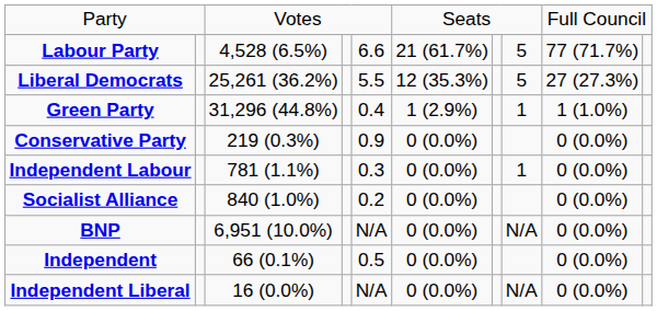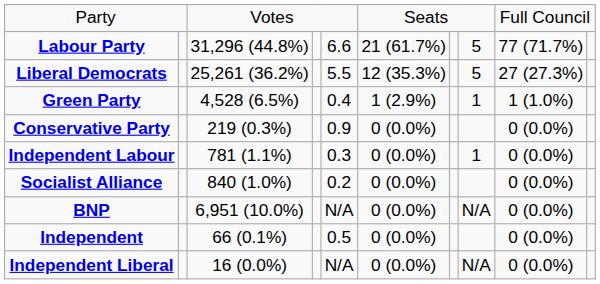 <table class=wikitable style="text-align:center;">
 <tr>
 <td colspan=2>Party</td>
 <td colspan=3>Votes</td>
 <td colspan=3>Seats</td>
 <td colspan=3>Full Council</td>
 </tr>
 <tr>
 <td><strong><a href='#'>Labour Party</a></strong></td>
 <td style="background:"></td>
-<td>4,528 (6.5%)</td>
+<td>31,296 (44.8%)</td>
 <td></td>
 <td> 6.6</td>
 <td>21 (61.7%)</td>
 <td></td>
 <td> 5</td>
 <td>77 (71.7%)</td>
 <td></td>
 </tr>
 <tr>
 <td><strong><a href='#'>Liberal Democrats</a></strong></td>
 <td style="background:"></td>
 <td>25,261 (36.2%)</td>
 <td></td>
 <td> 5.5</td>
 <td>12 (35.3%)</td>
 <td></td>
 <td> 5</td>
 <td>27 (27.3%)</td>
 <td></td>
 </tr>
 <tr>
 <td><strong><a href='#'>Green Party</a></strong></td>
 <td style="background:"></td>
-<td>31,296 (44.8%)</td>
+<td>4,528 (6.5%)</td>
 <td></td>
 <td> 0.4</td>
 <td>1 (2.9%)</td>
 <td></td>
 <td> 1</td>
 <td>1 (1.0%)</td>
 <td></td>
 </tr>
 <tr>
 <td><strong><a href='#'>Conservative Party</a></strong></td>
 <td style="background:"></td>
 <td>219 (0.3%)</td>
 <td></td>
 <td> 0.9</td>
 <td>0 (0.0%)</td>
 <td></td>
 <td></td>
 <td>0 (0.0%)</td>
 <td></td>
 </tr>
 <tr>
 <td><strong><a href='#'>Independent Labour</a></strong></td>
 <td style="background:"></td>
 <td>781 (1.1%)</td>
 <td></td>
 <td> 0.3</td>
 <td>0 (0.0%)</td>
 <td></td>
 <td> 1</td>
 <td>0 (0.0%)</td>
 <td></td>
 </tr>
 <tr>
 <td><strong><a href='#'>Socialist Alliance</a></strong></td>
 <td style="background:"></td>
 <td>840 (1.0%)</td>
 <td></td>
 <td> 0.2</td>
 <td>0 (0.0%)</td>
 <td></td>
 <td></td>
 <td>0 (0.0%)</td>
 <td></td>
 </tr>
 <tr>
 <td><strong><a href='#'>BNP</a></strong></td>
 <td style="background:"></td>
 <td>6,951 (10.0%)</td>
 <td></td>
 <td>N/A</td>
 <td>0 (0.0%)</td>
 <td></td>
 <td>N/A</td>
 <td>0 (0.0%)</td>
 <td></td>
 </tr>
 <tr>
 <td><strong><a href='#'>Independent</a></strong></td>
 <td style="background:"></td>
 <td>66 (0.1%)</td>
 <td></td>
 <td> 0.5</td>
 <td>0 (0.0%)</td>
 <td></td>
 <td></td>
 <td>0 (0.0%)</td>
 <td></td>
 </tr>
 <tr>
 <td><strong><a href='#'>Independent Liberal</a></strong></td>
 <td style="background:"></td>
 <td>16 (0.0%)</td>
 <td></td>
 <td>N/A</td>
 <td>0 (0.0%)</td>
 <td></td>
 <td>N/A</td>
 <td>0 (0.0%)</td>
 <td></td>
 </tr>
 </table>
